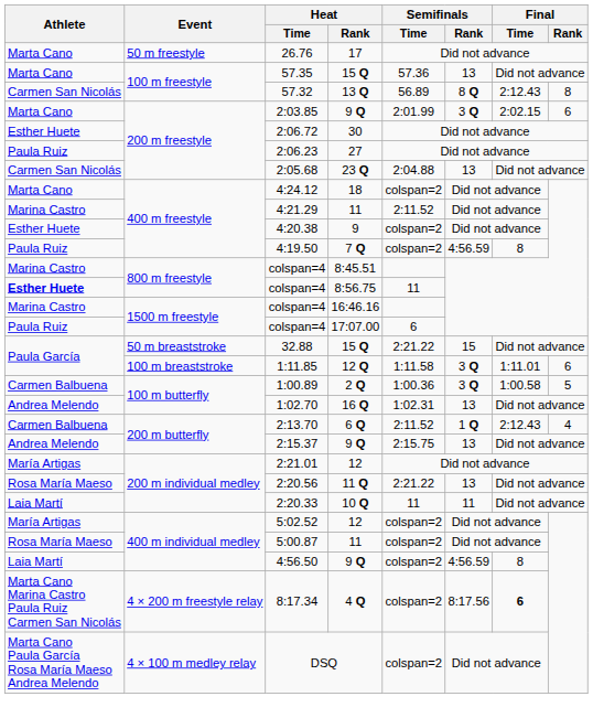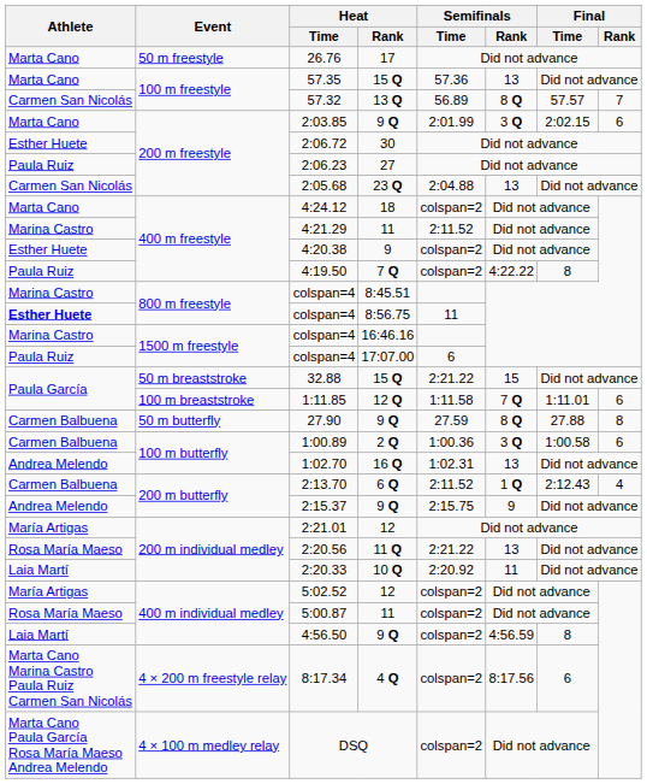 <table class=wikitable style="font-size:90%">
 <tr>
 <th rowspan="2">Athlete</th>
 <th rowspan="2">Event</th>
 <th colspan="2">Heat</th>
 <th colspan="2">Semifinals</th>
 <th colspan="2">Final</th>
 </tr>
 <tr style="font-size:95%">
 <th>Time</th>
 <th>Rank</th>
 <th>Time</th>
 <th>Rank</th>
 <th>Time</th>
 <th>Rank</th>
 </tr>
 <tr align=center>
 <td align=left><a href='#'>Marta Cano</a></td>
 <td align=left><a href='#'>50 m freestyle</a></td>
 <td>26.76</td>
 <td>17</td>
 <td colspan=4>Did not advance</td>
 </tr>
 <tr align=center>
 <td align=left><a href='#'>Marta Cano</a></td>
 <td align=left rowspan=2><a href='#'>100 m freestyle</a></td>
 <td>57.35</td>
 <td>15 <strong>Q</strong></td>
 <td>57.36</td>
 <td>13</td>
 <td colspan=2>Did not advance</td>
 </tr>
 <tr align=center>
 <td align=left><a href='#'>Carmen San Nicolás</a></td>
 <td>57.32</td>
 <td>13 <strong>Q</strong></td>
 <td>56.89</td>
 <td>8 <strong>Q</strong></td>
-<td>2:12.43</td>
-<td>8</td>
+<td>57.57</td>
+<td>7</td>
 </tr>
 <tr align=center>
 <td align=left><a href='#'>Marta Cano</a></td>
 <td align=left rowspan=4><a href='#'>200 m freestyle</a></td>
 <td>2:03.85</td>
 <td>9 <strong>Q</strong></td>
 <td>2:01.99</td>
 <td>3 <strong>Q</strong></td>
 <td>2:02.15</td>
 <td>6</td>
 </tr>
 <tr align=center>
 <td align=left><a href='#'>Esther Huete</a></td>
 <td>2:06.72</td>
 <td>30</td>
 <td colspan=4>Did not advance</td>
 </tr>
 <tr align=center>
 <td align=left><a href='#'>Paula Ruiz</a></td>
 <td>2:06.23</td>
 <td>27</td>
 <td colspan=4>Did not advance</td>
 </tr>
 <tr align=center>
 <td align=left><a href='#'>Carmen San Nicolás</a></td>
 <td>2:05.68</td>
 <td>23 <strong>Q</strong></td>
 <td>2:04.88</td>
 <td>13</td>
 <td colspan=2>Did not advance</td>
 </tr>
 <tr align=center>
 <td align=left><a href='#'>Marta Cano</a></td>
 <td align=left rowspan=4><a href='#'>400 m freestyle</a></td>
 <td>4:24.12</td>
 <td>18</td>
 <td>colspan=2 </td>
 <td colspan=2>Did not advance</td>
 </tr>
 <tr align=center>
 <td align=left><a href='#'>Marina Castro</a></td>
 <td>4:21.29</td>
 <td>11</td>
 <td>2:11.52</td>
 <td colspan=2>Did not advance</td>
 </tr>
 <tr align=center>
 <td align=left><a href='#'>Esther Huete</a></td>
 <td>4:20.38</td>
 <td>9</td>
 <td>colspan=2 </td>
 <td colspan=2>Did not advance</td>
 </tr>
 <tr align=center>
 <td align=left><a href='#'>Paula Ruiz</a></td>
 <td>4:19.50</td>
 <td>7 <strong>Q</strong></td>
 <td>colspan=2 </td>
-<td>4:56.59</td>
+<td>4:22.22</td>
 <td>8</td>
 </tr>
 <tr align=center>
 <td align=left><a href='#'>Marina Castro</a></td>
 <td align=left rowspan=2><a href='#'>800 m freestyle</a></td>
 <td>colspan=4 </td>
 <td>8:45.51</td>
 <td></td>
 </tr>
 <tr align=center>
 <td align=left><strong><a href='#'>Esther Huete</a></strong></td>
 <td>colspan=4 </td>
 <td>8:56.75</td>
 <td>11</td>
 </tr>
 <tr align=center>
 <td align=left><a href='#'>Marina Castro</a></td>
 <td align=left rowspan=2><a href='#'>1500 m freestyle</a></td>
 <td>colspan=4 </td>
 <td>16:46.16</td>
 <td></td>
 </tr>
 <tr align=center>
 <td align=left><a href='#'>Paula Ruiz</a></td>
 <td>colspan=4 </td>
 <td>17:07.00</td>
 <td>6</td>
 </tr>
 <tr align=center>
 <td align=left rowspan=2><a href='#'>Paula García</a></td>
 <td align=left><a href='#'>50 m breaststroke</a></td>
 <td>32.88</td>
 <td>15 <strong>Q</strong></td>
 <td>2:21.22</td>
 <td>15</td>
 <td colspan=2>Did not advance</td>
 </tr>
 <tr align=center>
 <td align=left><a href='#'>100 m breaststroke</a></td>
 <td>1:11.85</td>
 <td>12 <strong>Q</strong></td>
 <td>1:11.58</td>
-<td>3 <strong>Q</strong></td>
+<td>7 <strong>Q</strong></td>
 <td>1:11.01</td>
 <td>6</td>
+</tr>
+<tr align=center>
+<td align=left><a href='#'>Carmen Balbuena</a></td>
+<td align=left><a href='#'>50 m butterfly</a></td>
+<td>27.90</td>
+<td>9 <strong>Q</strong></td>
+<td>27.59</td>
+<td>8 <strong>Q</strong></td>
+<td>27.88</td>
+<td>8</td>
 </tr>
 <tr align=center>
 <td align=left><a href='#'>Carmen Balbuena</a></td>
 <td align=left rowspan=2><a href='#'>100 m butterfly</a></td>
 <td>1:00.89</td>
 <td>2 <strong>Q</strong></td>
 <td>1:00.36</td>
 <td>3 <strong>Q</strong></td>
 <td>1:00.58</td>
-<td>5</td>
+<td>6</td>
 </tr>
 <tr align=center>
 <td align=left><a href='#'>Andrea Melendo</a></td>
 <td>1:02.70</td>
 <td>16 <strong>Q</strong></td>
 <td>1:02.31</td>
 <td>13</td>
 <td colspan=2>Did not advance</td>
 </tr>
 <tr align=center>
 <td align=left><a href='#'>Carmen Balbuena</a></td>
 <td align=left rowspan=2><a href='#'>200 m butterfly</a></td>
 <td>2:13.70</td>
 <td>6 <strong>Q</strong></td>
 <td>2:11.52</td>
 <td>1 <strong>Q</strong></td>
 <td>2:12.43</td>
 <td>4</td>
 </tr>
 <tr align=center>
 <td align=left><a href='#'>Andrea Melendo</a></td>
 <td>2:15.37</td>
 <td>9 <strong>Q</strong></td>
 <td>2:15.75</td>
-<td>13</td>
+<td>9</td>
 <td colspan=2>Did not advance</td>
 </tr>
 <tr align=center>
 <td align=left><a href='#'>María Artigas</a></td>
 <td align=left rowspan=3><a href='#'>200 m individual medley</a></td>
 <td>2:21.01</td>
 <td>12</td>
 <td colspan=4>Did not advance</td>
 </tr>
 <tr align=center>
 <td align=left><a href='#'>Rosa María Maeso</a></td>
 <td>2:20.56</td>
 <td>11 <strong>Q</strong></td>
 <td>2:21.22</td>
 <td>13</td>
 <td colspan=2>Did not advance</td>
 </tr>
 <tr align=center>
 <td align=left><a href='#'>Laia Martí</a></td>
 <td>2:20.33</td>
 <td>10 <strong>Q</strong></td>
-<td>11</td>
+<td>2:20.92</td>
 <td>11</td>
 <td colspan=2>Did not advance</td>
 </tr>
 <tr align=center>
 <td align=left><a href='#'>María Artigas</a></td>
 <td align=left rowspan=3><a href='#'>400 m individual medley</a></td>
 <td>5:02.52</td>
 <td>12</td>
 <td>colspan=2 </td>
 <td colspan=2>Did not advance</td>
 </tr>
 <tr align=center>
 <td align=left><a href='#'>Rosa María Maeso</a></td>
 <td>5:00.87</td>
 <td>11</td>
 <td>colspan=2 </td>
 <td colspan=2>Did not advance</td>
 </tr>
 <tr align=center>
 <td align=left><a href='#'>Laia Martí</a></td>
 <td>4:56.50</td>
 <td>9 <strong>Q</strong></td>
 <td>colspan=2 </td>
 <td>4:56.59</td>
 <td>8</td>
 </tr>
 <tr align=center>
 <td align=left><a href='#'>Marta Cano</a><br><a href='#'>Marina Castro</a><br><a href='#'>Paula Ruiz</a><br><a href='#'>Carmen San Nicolás</a></td>
 <td align=left><a href='#'>4 × 200 m freestyle relay</a></td>
 <td>8:17.34</td>
 <td>4 <strong>Q</strong></td>
 <td>colspan=2 </td>
 <td>8:17.56</td>
-<td><strong>6</strong></td>
+<td>6</td>
 </tr>
 <tr align=center>
 <td align=left><a href='#'>Marta Cano</a><br><a href='#'>Paula García</a><br><a href='#'>Rosa María Maeso</a><br><a href='#'>Andrea Melendo</a></td>
 <td align=left><a href='#'>4 × 100 m medley relay</a></td>
 <td colspan=2>DSQ</td>
 <td>colspan=2 </td>
 <td colspan=2>Did not advance</td>
 </tr>
 </table>
